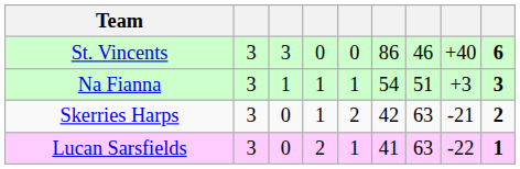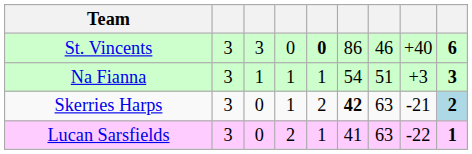 <table class="wikitable" style="text-align:center">
 <tr>
 <th style="width:175px;">Team</th>
 <th width="20"></th>
 <th width="20"></th>
 <th width="20"></th>
 <th width="20"></th>
 <th width="20"></th>
 <th width="20"></th>
 <th width="20"></th>
 <th width="20"></th>
 </tr>
 <tr style="background:#cfc;">
 <td><a href='#'>St. Vincents</a></td>
 <td>3</td>
 <td>3</td>
 <td>0</td>
-<td>0</td>
+<td><strong>0</strong></td>
 <td>86</td>
 <td>46</td>
 <td>+40</td>
 <td><strong>6</strong></td>
 </tr>
 <tr style="background:#cfc;">
 <td><a href='#'>Na Fianna</a></td>
 <td>3</td>
 <td>1</td>
 <td>1</td>
 <td>1</td>
 <td>54</td>
 <td>51</td>
 <td>+3</td>
 <td><strong>3</strong></td>
 </tr>
 <tr>
 <td><a href='#'>Skerries Harps</a></td>
 <td>3</td>
 <td>0</td>
 <td>1</td>
 <td>2</td>
-<td>42</td>
+<td><strong>42</strong></td>
 <td>63</td>
 <td>-21</td>
-<td><strong>2</strong></td>
+<td style="background: lightblue;"><strong>2</strong></td>
 </tr>
 <tr style="background:#fcf;">
 <td><a href='#'>Lucan Sarsfields</a></td>
 <td>3</td>
 <td>0</td>
 <td>2</td>
 <td>1</td>
 <td>41</td>
 <td>63</td>
 <td>-22</td>
 <td><strong>1</strong></td>
 </tr>
 </table>
